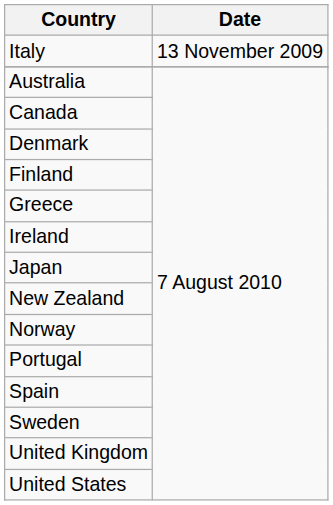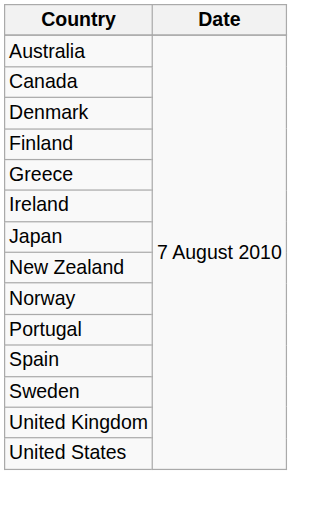 <table class="wikitable">
 <tr>
 <th>Country</th>
 <th>Date</th>
-</tr>
-<tr>
-<td>Italy</td>
-<td>13 November 2009</td>
 </tr>
 <tr>
 </tr>
 <tr>
 <td>Australia</td>
 <td rowspan="14">7 August 2010</td>
 </tr>
 <tr>
 <td>Canada</td>
 </tr>
 <tr>
 <td>Denmark</td>
 </tr>
 <tr>
 <td>Finland</td>
 </tr>
 <tr>
 <td>Greece</td>
 </tr>
 <tr>
 <td>Ireland</td>
 </tr>
 <tr>
 <td>Japan</td>
 </tr>
 <tr>
 <td>New Zealand</td>
 </tr>
 <tr>
 <td>Norway</td>
 </tr>
 <tr>
 <td>Portugal</td>
 </tr>
 <tr>
 <td>Spain</td>
 </tr>
 <tr>
 <td>Sweden</td>
 </tr>
 <tr>
 <td>United Kingdom</td>
 </tr>
 <tr>
 <td>United States</td>
 </tr>
 </table>
